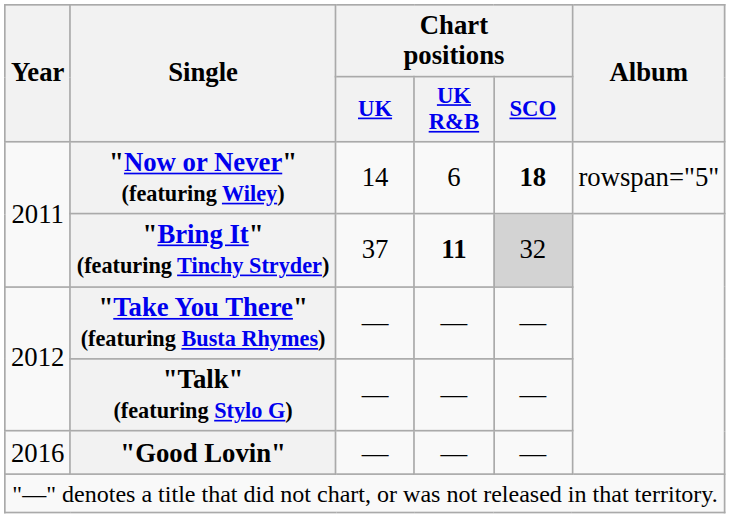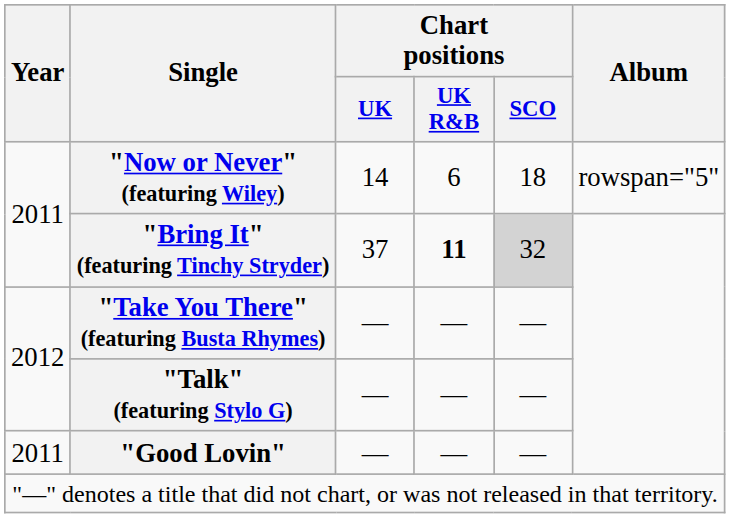 <table class="wikitable plainrowheaders" style="text-align:center;">
 <tr>
 <th scope="col" rowspan="2">Year</th>
 <th scope="col" rowspan="2">Single</th>
 <th scope="col" colspan="3">Chart<br>positions</th>
 <th scope="col" rowspan="2">Album</th>
 </tr>
 <tr>
 <th scope="col" style="width:3em;font-size:85%;"><a href='#'>UK</a><br></th>
 <th scope="col" style="width:3em;font-size:85%;"><a href='#'>UK<br>R&B</a><br></th>
 <th scope="col" style="width:3em;font-size:85%;"><a href='#'>SCO</a><br></th>
 </tr>
 <tr>
 <td rowspan="2">2011</td>
 <th scope="row">"<a href='#'>Now or Never</a>"<br><small>(featuring <a href='#'>Wiley</a>)</small></th>
 <td>14</td>
 <td>6</td>
-<td><strong>18</strong></td>
+<td>18</td>
 <td>rowspan="5" </td>
 </tr>
 <tr>
 <th scope="row">"<a href='#'>Bring It</a>"<br><small>(featuring <a href='#'>Tinchy Stryder</a>)</small></th>
 <td>37</td>
 <td><strong>11</strong></td>
 <td style="background: lightgrey;">32</td>
 </tr>
 <tr>
 <td rowspan="2">2012</td>
 <th scope="row">"<a href='#'>Take You There</a>"<br><small>(featuring <a href='#'>Busta Rhymes</a>)</small></th>
 <td>—</td>
 <td>—</td>
 <td>—</td>
 </tr>
 <tr>
 <th scope="row">"Talk"<br><small>(featuring <a href='#'>Stylo G</a>)</small></th>
 <td>—</td>
 <td>—</td>
 <td>—</td>
 </tr>
 <tr>
-<td rowspan="1">2016</td>
+<td rowspan="1">2011</td>
 <th scope="row">"Good Lovin"</th>
 <td>—</td>
 <td>—</td>
 <td>—</td>
 </tr>
 <tr>
 <td colspan="8" style="font-size:90%">"—" denotes a title that did not chart, or was not released in that territory.</td>
 </tr>
 </table>
